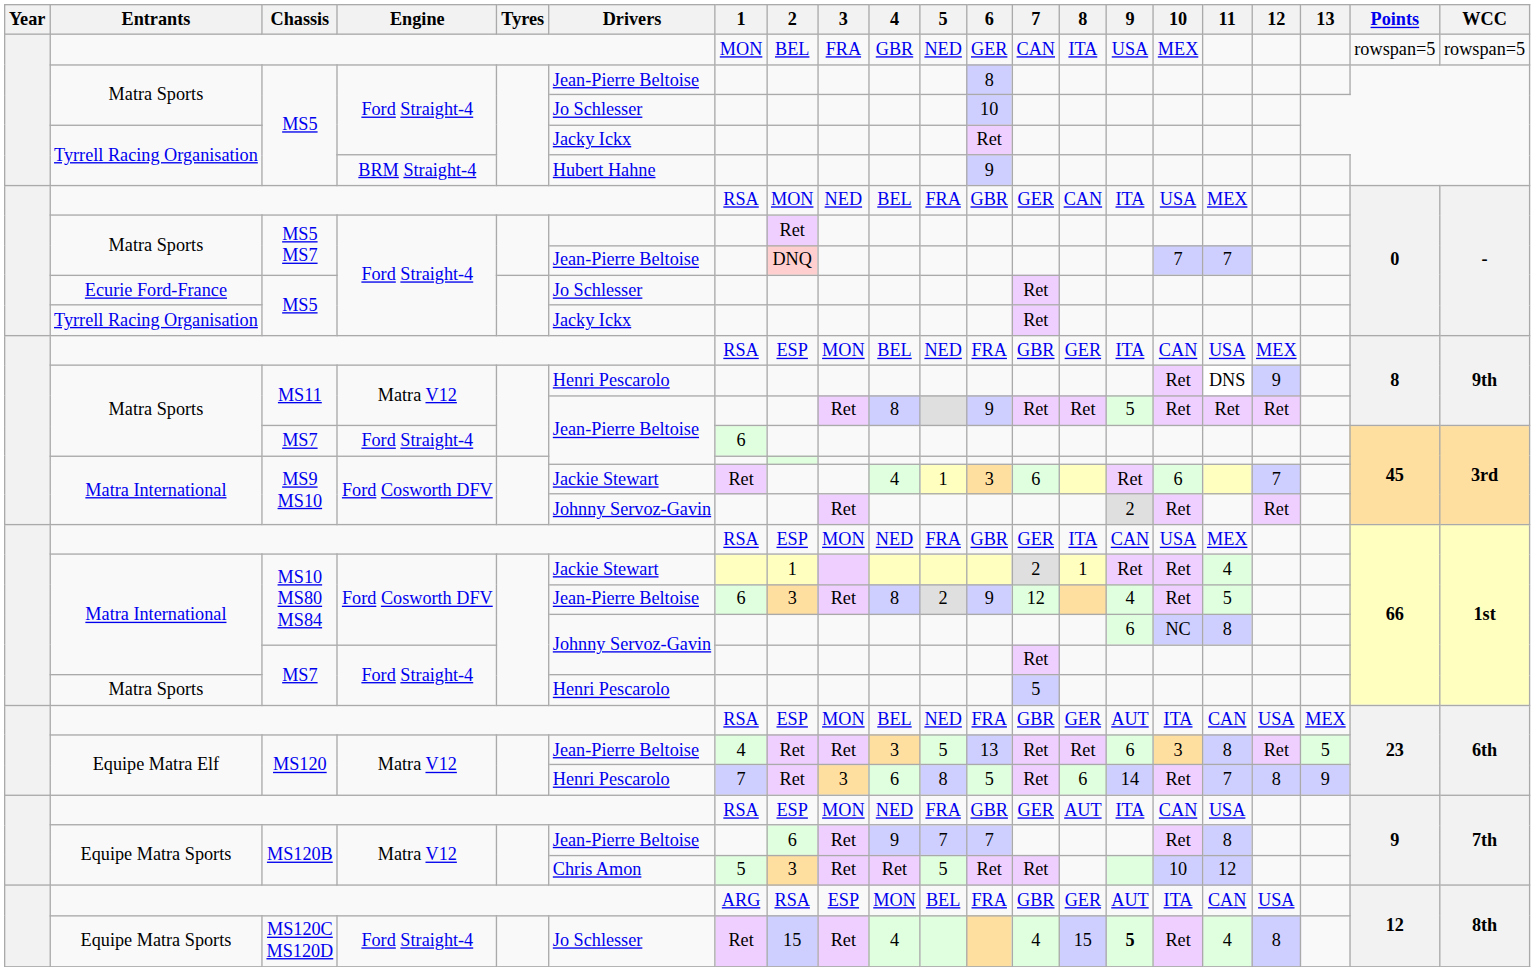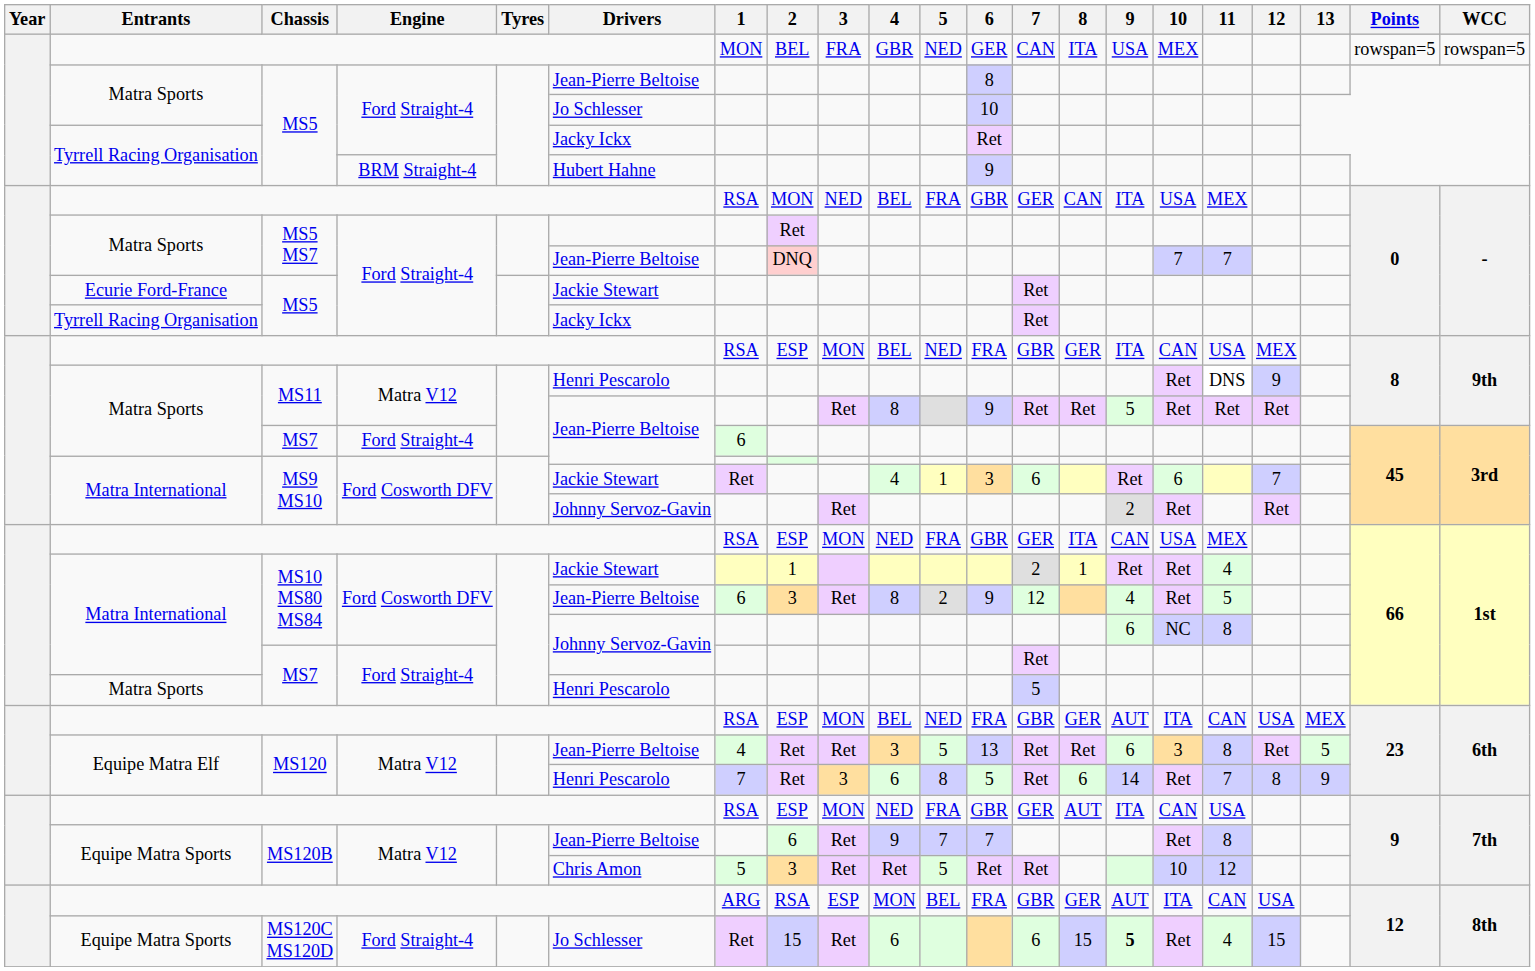 <table class="wikitable" style="text-align:center; font-size:85%">
 <tr>
 <th>Year</th>
 <th>Entrants</th>
 <th>Chassis</th>
 <th>Engine</th>
 <th>Tyres</th>
 <th>Drivers</th>
 <th>1</th>
 <th>2</th>
 <th>3</th>
 <th>4</th>
 <th>5</th>
 <th>6</th>
 <th>7</th>
 <th>8</th>
 <th>9</th>
 <th>10</th>
 <th>11</th>
 <th>12</th>
 <th>13</th>
 <th><a href='#'>Points</a></th>
 <th>WCC</th>
 </tr>
 <tr>
 <th rowspan=5></th>
 <td colspan=5></td>
 <td><a href='#'>MON</a></td>
 <td><a href='#'>BEL</a></td>
 <td><a href='#'>FRA</a></td>
 <td><a href='#'>GBR</a></td>
 <td><a href='#'>NED</a></td>
 <td><a href='#'>GER</a></td>
 <td><a href='#'>CAN</a></td>
 <td><a href='#'>ITA</a></td>
 <td><a href='#'>USA</a></td>
 <td><a href='#'>MEX</a></td>
 <td></td>
 <td></td>
 <td></td>
 <td>rowspan=5 </td>
 <td>rowspan=5 </td>
 </tr>
 <tr>
 <td rowspan="2"> Matra Sports</td>
 <td rowspan="4"><a href='#'>MS5</a></td>
 <td rowspan="3"><a href='#'>Ford</a> <a href='#'>Straight-4</a></td>
 <td rowspan="4"></td>
 <td align="left"> <a href='#'>Jean-Pierre Beltoise</a></td>
 <td></td>
 <td></td>
 <td></td>
 <td></td>
 <td></td>
 <td style="background:#cfcfff;">8</td>
 <td></td>
 <td></td>
 <td></td>
 <td></td>
 <td></td>
 <td></td>
 <td></td>
 </tr>
 <tr>
 <td align="left"> <a href='#'>Jo Schlesser</a></td>
 <td></td>
 <td></td>
 <td></td>
 <td></td>
 <td></td>
 <td style="background:#cfcfff;">10</td>
 <td></td>
 <td></td>
 <td></td>
 <td></td>
 <td></td>
 <td></td>
 </tr>
 <tr>
 <td rowspan="2"> <a href='#'>Tyrrell Racing Organisation</a></td>
 <td align="left"> <a href='#'>Jacky Ickx</a></td>
 <td></td>
 <td></td>
 <td></td>
 <td></td>
 <td></td>
 <td style="background:#efcfff;">Ret</td>
 <td></td>
 <td></td>
 <td></td>
 <td></td>
 <td></td>
 <td></td>
 </tr>
 <tr>
 <td><a href='#'>BRM</a> <a href='#'>Straight-4</a></td>
 <td align="left"> <a href='#'>Hubert Hahne</a></td>
 <td></td>
 <td></td>
 <td></td>
 <td></td>
 <td></td>
 <td style="background:#cfcfff;">9</td>
 <td></td>
 <td></td>
 <td></td>
 <td></td>
 <td></td>
 <td></td>
 <td></td>
 </tr>
 <tr>
 <th rowspan=5></th>
 <td colspan=5></td>
 <td><a href='#'>RSA</a></td>
 <td><a href='#'>MON</a></td>
 <td><a href='#'>NED</a></td>
 <td><a href='#'>BEL</a></td>
 <td><a href='#'>FRA</a></td>
 <td><a href='#'>GBR</a></td>
 <td><a href='#'>GER</a></td>
 <td><a href='#'>CAN</a></td>
 <td><a href='#'>ITA</a></td>
 <td><a href='#'>USA</a></td>
 <td><a href='#'>MEX</a></td>
 <td></td>
 <td></td>
 <th rowspan=5>0</th>
 <th rowspan=5>-</th>
 </tr>
 <tr>
 <td rowspan="2"> Matra Sports</td>
 <td rowspan="2"><a href='#'>MS5</a><br><a href='#'>MS7</a></td>
 <td rowspan="4"><a href='#'>Ford</a> <a href='#'>Straight-4</a></td>
 <td rowspan="2"> </td>
 <td align="left"></td>
 <td></td>
 <td style="background:#efcfff;">Ret</td>
 <td></td>
 <td></td>
 <td></td>
 <td></td>
 <td></td>
 <td></td>
 <td></td>
 <td></td>
 <td></td>
 <td></td>
 <td></td>
 </tr>
 <tr>
 <td align="left"> <a href='#'>Jean-Pierre Beltoise</a></td>
 <td></td>
 <td style="background:#ffcfcf;">DNQ</td>
 <td></td>
 <td></td>
 <td></td>
 <td></td>
 <td></td>
 <td></td>
 <td></td>
 <td style="background:#cfcfff;">7</td>
 <td style="background:#cfcfff;">7</td>
 <td></td>
 <td></td>
 </tr>
 <tr>
 <td> <a href='#'>Ecurie Ford-France</a></td>
 <td rowspan="2"><a href='#'>MS5</a></td>
 <td rowspan="2"></td>
-<td align="left"> <a href='#'>Jo Schlesser</a></td>
+<td align="left"> <a href='#'>Jackie Stewart</a></td>
 <td></td>
 <td></td>
 <td></td>
 <td></td>
 <td></td>
 <td></td>
 <td style="background:#efcfff;">Ret</td>
 <td></td>
 <td></td>
 <td></td>
 <td></td>
 <td></td>
 <td></td>
 </tr>
 <tr>
 <td> <a href='#'>Tyrrell Racing Organisation</a></td>
 <td align="left"> <a href='#'>Jacky Ickx</a></td>
 <td></td>
 <td></td>
 <td></td>
 <td></td>
 <td></td>
 <td></td>
 <td style="background:#efcfff;">Ret</td>
 <td></td>
 <td></td>
 <td></td>
 <td></td>
 <td></td>
 <td></td>
 </tr>
 <tr>
 <th rowspan=7></th>
 <td colspan=5></td>
 <td><a href='#'>RSA</a></td>
 <td><a href='#'>ESP</a></td>
 <td><a href='#'>MON</a></td>
 <td><a href='#'>BEL</a></td>
 <td><a href='#'>NED</a></td>
 <td><a href='#'>FRA</a></td>
 <td><a href='#'>GBR</a></td>
 <td><a href='#'>GER</a></td>
 <td><a href='#'>ITA</a></td>
 <td><a href='#'>CAN</a></td>
 <td><a href='#'>USA</a></td>
 <td><a href='#'>MEX</a></td>
 <td></td>
 <th rowspan="3">8</th>
 <th rowspan="3">9th</th>
 </tr>
 <tr>
 <td rowspan="3"> Matra Sports</td>
 <td rowspan="2"><a href='#'>MS11</a></td>
 <td rowspan="2">Matra <a href='#'>V12</a></td>
 <td rowspan="3"></td>
 <td align="left"> <a href='#'>Henri Pescarolo</a></td>
 <td></td>
 <td></td>
 <td></td>
 <td></td>
 <td></td>
 <td></td>
 <td></td>
 <td></td>
 <td></td>
 <td style="background:#efcfff;">Ret</td>
 <td style="background:white;">DNS</td>
 <td style="background:#cfcfff;">9</td>
 <td></td>
 </tr>
 <tr>
 <td rowspan="3" style="text-align:left;"> <a href='#'>Jean-Pierre Beltoise</a></td>
 <td></td>
 <td></td>
 <td style="background:#efcfff;">Ret</td>
 <td style="background:#cfcfff;">8</td>
 <td style="background:#dfdfdf;"></td>
 <td style="background:#cfcfff;">9</td>
 <td style="background:#efcfff;">Ret</td>
 <td style="background:#efcfff;">Ret</td>
 <td style="background:#dfffdf;">5</td>
 <td style="background:#efcfff;">Ret</td>
 <td style="background:#efcfff;">Ret</td>
 <td style="background:#efcfff;">Ret</td>
 <td></td>
 </tr>
 <tr>
 <td><a href='#'>MS7</a></td>
 <td><a href='#'>Ford</a> <a href='#'>Straight-4</a></td>
 <td style="background:#dfffdf;">6</td>
 <td></td>
 <td></td>
 <td></td>
 <td></td>
 <td></td>
 <td></td>
 <td></td>
 <td></td>
 <td></td>
 <td></td>
 <td></td>
 <td></td>
 <td rowspan="4" style="background:#ffdf9f;"><strong>45</strong></td>
 <td rowspan="4" style="background:#ffdf9f;"><strong>3rd</strong></td>
 </tr>
 <tr>
 <td rowspan="3"> <a href='#'>Matra International</a></td>
 <td rowspan="3"><a href='#'>MS9</a><br><a href='#'>MS10</a></td>
 <td rowspan="3"><a href='#'>Ford</a> <a href='#'>Cosworth DFV</a></td>
 <td rowspan="3"></td>
 <td></td>
 <td style="background:#dfffdf;"></td>
 <td></td>
 <td></td>
 <td></td>
 <td></td>
 <td></td>
 <td></td>
 <td></td>
 <td></td>
 <td></td>
 <td></td>
 <td></td>
 </tr>
 <tr>
 <td align="left"> <a href='#'>Jackie Stewart</a></td>
 <td style="background:#efcfff;">Ret</td>
 <td></td>
 <td></td>
 <td style="background:#dfffdf;">4</td>
 <td style="background:#ffffbf;">1</td>
 <td style="background:#ffdf9f;">3</td>
 <td style="background:#dfffdf;">6</td>
 <td style="background:#ffffbf;"></td>
 <td style="background:#efcfff;">Ret</td>
 <td style="background:#dfffdf;">6</td>
 <td style="background:#ffffbf;"></td>
 <td style="background:#cfcfff;">7</td>
 <td></td>
 </tr>
 <tr>
 <td align="left"> <a href='#'>Johnny Servoz-Gavin</a></td>
 <td></td>
 <td></td>
 <td style="background:#efcfff;">Ret</td>
 <td></td>
 <td></td>
 <td></td>
 <td></td>
 <td></td>
 <td style="background:#dfdfdf;">2</td>
 <td style="background:#efcfff;">Ret</td>
 <td></td>
 <td style="background:#efcfff;">Ret</td>
 <td></td>
 </tr>
 <tr>
 <th rowspan=6></th>
 <td colspan=5></td>
 <td><a href='#'>RSA</a></td>
 <td><a href='#'>ESP</a></td>
 <td><a href='#'>MON</a></td>
 <td><a href='#'>NED</a></td>
 <td><a href='#'>FRA</a></td>
 <td><a href='#'>GBR</a></td>
 <td><a href='#'>GER</a></td>
 <td><a href='#'>ITA</a></td>
 <td><a href='#'>CAN</a></td>
 <td><a href='#'>USA</a></td>
 <td><a href='#'>MEX</a></td>
 <td></td>
 <td></td>
 <td rowspan="6" style="background:#ffffbf;"><strong>66</strong></td>
 <td rowspan="6" style="background:#ffffbf;"><strong>1st</strong></td>
 </tr>
 <tr>
 <td rowspan="4"> <a href='#'>Matra International</a></td>
 <td rowspan="3"><a href='#'>MS10</a><br><a href='#'>MS80</a><br><a href='#'>MS84</a></td>
 <td rowspan="3"><a href='#'>Ford</a> <a href='#'>Cosworth DFV</a></td>
 <td rowspan="5"></td>
 <td align="left"> <a href='#'>Jackie Stewart</a></td>
 <td style="background:#ffffbf;"></td>
 <td style="background:#ffffbf;">1</td>
 <td style="background:#efcfff;"></td>
 <td style="background:#ffffbf;"></td>
 <td style="background:#ffffbf;"></td>
 <td style="background:#ffffbf;"></td>
 <td style="background:#dfdfdf;">2</td>
 <td style="background:#ffffbf;">1</td>
 <td style="background:#efcfff;">Ret</td>
 <td style="background:#efcfff;">Ret</td>
 <td style="background:#dfffdf;">4</td>
 <td></td>
 <td></td>
 </tr>
 <tr>
 <td align="left"> <a href='#'>Jean-Pierre Beltoise</a></td>
 <td style="background:#dfffdf;">6</td>
 <td style="background:#ffdf9f;">3</td>
 <td style="background:#efcfff;">Ret</td>
 <td style="background:#cfcfff;">8</td>
 <td style="background:#dfdfdf;">2</td>
 <td style="background:#cfcfff;">9</td>
 <td style="background:#dfffdf;">12</td>
 <td style="background:#ffdf9f;"></td>
 <td style="background:#dfffdf;">4</td>
 <td style="background:#efcfff;">Ret</td>
 <td style="background:#dfffdf;">5</td>
 <td></td>
 <td></td>
 </tr>
 <tr>
 <td rowspan="2" align="left"> <a href='#'>Johnny Servoz-Gavin</a></td>
 <td></td>
 <td></td>
 <td></td>
 <td></td>
 <td></td>
 <td></td>
 <td></td>
 <td></td>
 <td style="background:#dfffdf;">6</td>
 <td style="background:#cfcfff;">NC</td>
 <td style="background:#cfcfff;">8</td>
 <td></td>
 <td></td>
 </tr>
 <tr>
 <td rowspan="2"><a href='#'>MS7</a></td>
 <td rowspan="2"><a href='#'>Ford</a> <a href='#'>Straight-4</a></td>
 <td></td>
 <td></td>
 <td></td>
 <td></td>
 <td></td>
 <td></td>
 <td style="background:#efcfff;">Ret</td>
 <td></td>
 <td></td>
 <td></td>
 <td></td>
 <td></td>
 <td></td>
 </tr>
 <tr>
 <td> Matra Sports</td>
 <td align="left"> <a href='#'>Henri Pescarolo</a></td>
 <td></td>
 <td></td>
 <td></td>
 <td></td>
 <td></td>
 <td></td>
 <td style="background:#cfcfff;">5</td>
 <td></td>
 <td></td>
 <td></td>
 <td></td>
 <td></td>
 <td></td>
 </tr>
 <tr>
 <th rowspan=3></th>
 <td colspan=5></td>
 <td><a href='#'>RSA</a></td>
 <td><a href='#'>ESP</a></td>
 <td><a href='#'>MON</a></td>
 <td><a href='#'>BEL</a></td>
 <td><a href='#'>NED</a></td>
 <td><a href='#'>FRA</a></td>
 <td><a href='#'>GBR</a></td>
 <td><a href='#'>GER</a></td>
 <td><a href='#'>AUT</a></td>
 <td><a href='#'>ITA</a></td>
 <td><a href='#'>CAN</a></td>
 <td><a href='#'>USA</a></td>
 <td><a href='#'>MEX</a></td>
 <th rowspan="3">23</th>
 <th rowspan="3">6th</th>
 </tr>
 <tr>
 <td rowspan="2"> Equipe Matra Elf</td>
 <td rowspan="2"><a href='#'>MS120</a></td>
 <td rowspan="2">Matra <a href='#'>V12</a></td>
 <td rowspan="2"></td>
 <td align="left"> <a href='#'>Jean-Pierre Beltoise</a></td>
 <td style="background:#dfffdf;">4</td>
 <td style="background:#efcfff;">Ret</td>
 <td style="background:#efcfff;">Ret</td>
 <td style="background:#ffdf9f;">3</td>
 <td style="background:#dfffdf;">5</td>
 <td style="background:#cfcfff;">13</td>
 <td style="background:#efcfff;">Ret</td>
 <td style="background:#efcfff;">Ret</td>
 <td style="background:#dfffdf;">6</td>
 <td style="background:#ffdf9f;">3</td>
 <td style="background:#cfcfff;">8</td>
 <td style="background:#efcfff;">Ret</td>
 <td style="background:#dfffdf;">5</td>
 </tr>
 <tr>
 <td align="left"> <a href='#'>Henri Pescarolo</a></td>
 <td style="background:#cfcfff;">7</td>
 <td style="background:#efcfff;">Ret</td>
 <td style="background:#ffdf9f;">3</td>
 <td style="background:#dfffdf;">6</td>
 <td style="background:#cfcfff;">8</td>
 <td style="background:#dfffdf;">5</td>
 <td style="background:#efcfff;">Ret</td>
 <td style="background:#dfffdf;">6</td>
 <td style="background:#cfcfff;">14</td>
 <td style="background:#efcfff;">Ret</td>
 <td style="background:#cfcfff;">7</td>
 <td style="background:#cfcfff;">8</td>
 <td style="background:#cfcfff;">9</td>
 </tr>
 <tr>
 <th rowspan=3></th>
 <td colspan=5></td>
 <td><a href='#'>RSA</a></td>
 <td><a href='#'>ESP</a></td>
 <td><a href='#'>MON</a></td>
 <td><a href='#'>NED</a></td>
 <td><a href='#'>FRA</a></td>
 <td><a href='#'>GBR</a></td>
 <td><a href='#'>GER</a></td>
 <td><a href='#'>AUT</a></td>
 <td><a href='#'>ITA</a></td>
 <td><a href='#'>CAN</a></td>
 <td><a href='#'>USA</a></td>
 <td></td>
 <td></td>
 <th rowspan="3">9</th>
 <th rowspan="3">7th</th>
 </tr>
 <tr>
 <td rowspan="2"> Equipe Matra Sports</td>
 <td rowspan="2"><a href='#'>MS120B</a></td>
 <td rowspan="2">Matra <a href='#'>V12</a></td>
 <td rowspan="2"></td>
 <td align="left"> <a href='#'>Jean-Pierre Beltoise</a></td>
 <td></td>
 <td style="background:#dfffdf;">6</td>
 <td style="background:#efcfff;">Ret</td>
 <td style="background:#cfcfff;">9</td>
 <td style="background:#cfcfff;">7</td>
 <td style="background:#cfcfff;">7</td>
 <td></td>
 <td></td>
 <td></td>
 <td style="background:#efcfff;">Ret</td>
 <td style="background:#cfcfff;">8</td>
 <td></td>
 <td></td>
 </tr>
 <tr>
 <td align="left"> <a href='#'>Chris Amon</a></td>
 <td style="background:#dfffdf;">5</td>
 <td style="background:#ffdf9f;">3</td>
 <td style="background:#efcfff;">Ret</td>
 <td style="background:#efcfff;">Ret</td>
 <td style="background:#dfffdf;">5</td>
 <td style="background:#efcfff;">Ret</td>
 <td style="background:#efcfff;">Ret</td>
 <td></td>
 <td style="background:#dfffdf;"></td>
 <td style="background:#cfcfff;">10</td>
 <td style="background:#cfcfff;">12</td>
 <td></td>
 <td></td>
 </tr>
 <tr>
 <th rowspan=2></th>
 <td colspan=5></td>
 <td><a href='#'>ARG</a></td>
 <td><a href='#'>RSA</a></td>
 <td><a href='#'>ESP</a></td>
 <td><a href='#'>MON</a></td>
 <td><a href='#'>BEL</a></td>
 <td><a href='#'>FRA</a></td>
 <td><a href='#'>GBR</a></td>
 <td><a href='#'>GER</a></td>
 <td><a href='#'>AUT</a></td>
 <td><a href='#'>ITA</a></td>
 <td><a href='#'>CAN</a></td>
 <td><a href='#'>USA</a></td>
 <td></td>
 <th rowspan="2">12</th>
 <th rowspan="2">8th</th>
 </tr>
 <tr>
 <td> Equipe Matra Sports</td>
 <td><a href='#'>MS120C</a><br><a href='#'>MS120D</a></td>
 <td><a href='#'>Ford</a> <a href='#'>Straight-4</a></td>
 <td></td>
 <td align="left"> <a href='#'>Jo Schlesser</a></td>
 <td style="background:#efcfff;">Ret</td>
 <td style="background:#cfcfff;">15</td>
 <td style="background:#efcfff;">Ret</td>
-<td style="background:#dfffdf;">4</td>
+<td style="background:#dfffdf;">6</td>
 <td style="background:#dfffdf;"></td>
 <td style="background:#ffdf9f;"></td>
-<td style="background:#dfffdf;">4</td>
+<td style="background:#dfffdf;">6</td>
 <td style="background:#cfcfff;">15</td>
 <td style="background:#dfffdf;"><strong>5</strong></td>
 <td style="background:#efcfff;">Ret</td>
 <td style="background:#dfffdf;">4</td>
-<td style="background:#cfcfff;">8</td>
+<td style="background:#cfcfff;">15</td>
 <td></td>
 </tr>
 </table>
